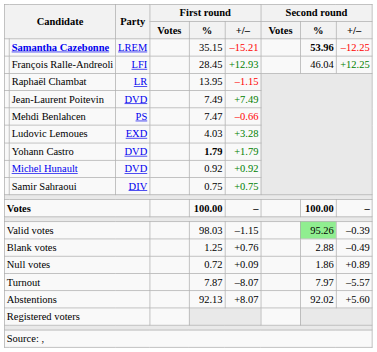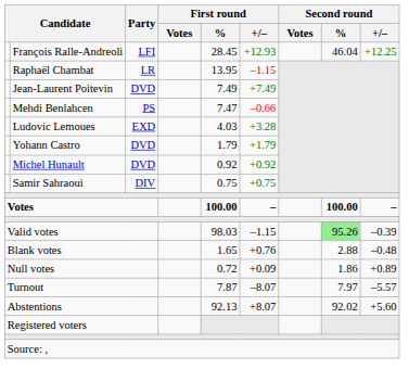 <table class="wikitable" style="text-align:right;font-size:95%;">
 <tr>
 <th rowspan="2" colspan="2">Candidate</th>
 <th rowspan="2">Party</th>
 <th colspan="3">First round</th>
 <th colspan="3">Second round</th>
 </tr>
 <tr>
 <th style="width:50px;">Votes</th>
 <th style="width:45px;">%</th>
 <th style="width:45px;">+/–</th>
 <th style="width:50px;">Votes</th>
 <th style="width:45px;">%</th>
 <th style="width:45px;">+/–</th>
-</tr>
-<tr>
-<td style="background:"></td>
-<td style="text-align:left;"><strong><a href='#'>Samantha Cazebonne</a></strong></td>
-<td><a href='#'>LREM</a></td>
-<td></td>
-<td>35.15</td>
-<td style="color:red;">–15.21</td>
-<td><strong></strong></td>
-<td><strong>53.96</strong></td>
-<td style="color:red;">–12.25</td>
 </tr>
 <tr>
 <td style="background:"></td>
 <td style="text-align:left;">François Ralle-Andreoli</td>
 <td><a href='#'>LFI</a></td>
 <td></td>
 <td>28.45</td>
 <td style="color:green;">+12.93</td>
 <td></td>
 <td>46.04</td>
 <td style="color:green;">+12.25</td>
 </tr>
 <tr>
 <td style="background:"></td>
 <td style="text-align:left;">Raphaël Chambat</td>
 <td><a href='#'>LR</a></td>
 <td></td>
 <td>13.95</td>
 <td style="color:red;">–1.15</td>
 <td colspan="3" rowspan="7" style="background:#E9E9E9;"></td>
 </tr>
 <tr>
 <td style="background:"></td>
 <td style="text-align:left;">Jean-Laurent Poitevin</td>
 <td><a href='#'>DVD</a></td>
 <td></td>
 <td>7.49</td>
 <td style="color:green;">+7.49</td>
 </tr>
 <tr>
 <td style="background:"></td>
 <td style="text-align:left;">Mehdi Benlahcen</td>
 <td><a href='#'>PS</a></td>
 <td></td>
 <td>7.47</td>
 <td style="color:red;">–0.66</td>
 </tr>
 <tr>
 <td style="background:"></td>
 <td style="text-align:left;">Ludovic Lemoues</td>
 <td><a href='#'>EXD</a></td>
 <td></td>
 <td>4.03</td>
 <td style="color:green;">+3.28</td>
 </tr>
 <tr>
 <td style="background:"></td>
 <td style="text-align:left;">Yohann Castro</td>
 <td><a href='#'>DVD</a></td>
 <td></td>
-<td><strong>1.79</strong></td>
+<td>1.79</td>
 <td style="color:green;">+1.79</td>
 </tr>
 <tr>
 <td style="background:"></td>
 <td style="text-align:left;"><a href='#'>Michel Hunault</a></td>
 <td><a href='#'>DVD</a></td>
 <td></td>
 <td>0.92</td>
 <td style="color:green;">+0.92</td>
 </tr>
 <tr>
 <td style="background:"></td>
 <td style="text-align:left;">Samir Sahraoui</td>
 <td><a href='#'>DIV</a></td>
 <td></td>
 <td>0.75</td>
 <td style="color:green;">+0.75</td>
 </tr>
 <tr>
 <td colspan="9" style="background:#E9E9E9;"></td>
 </tr>
 <tr style="font-weight:bold;">
 <td colspan="3" style="text-align:left;">Votes</td>
 <td></td>
 <td>100.00</td>
 <td>–</td>
 <td></td>
 <td>100.00</td>
 <td>–</td>
 </tr>
 <tr>
 <td colspan="9" style="background:#E9E9E9;"></td>
 </tr>
 <tr>
 <td colspan="3" style="text-align:left;">Valid votes</td>
 <td></td>
 <td>98.03</td>
 <td>–1.15</td>
 <td></td>
 <td style="background: lightgreen;">95.26</td>
 <td>–0.39</td>
 </tr>
 <tr>
 <td colspan="3" style="text-align:left;">Blank votes</td>
 <td></td>
-<td>1.25</td>
+<td>1.65</td>
 <td>+0.76</td>
 <td></td>
 <td>2.88</td>
-<td>–0.49</td>
+<td>–0.48</td>
 </tr>
 <tr>
 <td colspan="3" style="text-align:left;">Null votes</td>
 <td></td>
 <td>0.72</td>
 <td>+0.09</td>
 <td></td>
 <td>1.86</td>
 <td>+0.89</td>
 </tr>
 <tr>
 <td colspan="3" style="text-align:left;">Turnout</td>
 <td></td>
 <td>7.87</td>
 <td>–8.07</td>
 <td></td>
 <td>7.97</td>
 <td>–5.57</td>
 </tr>
 <tr>
 <td colspan="3" style="text-align:left;">Abstentions</td>
 <td></td>
 <td>92.13</td>
 <td>+8.07</td>
 <td></td>
 <td>92.02</td>
 <td>+5.60</td>
 </tr>
 <tr>
 <td colspan="3" style="text-align:left;">Registered voters</td>
 <td></td>
 <td colspan="2" style="background:#E9E9E9;"></td>
 <td></td>
 <td colspan="2" style="background:#E9E9E9;"></td>
 </tr>
 <tr>
 <td colspan="9" style="background:#E9E9E9;"></td>
 </tr>
 <tr>
 <td colspan="9" style="text-align:left;">Source: , </td>
 </tr>
 </table>
